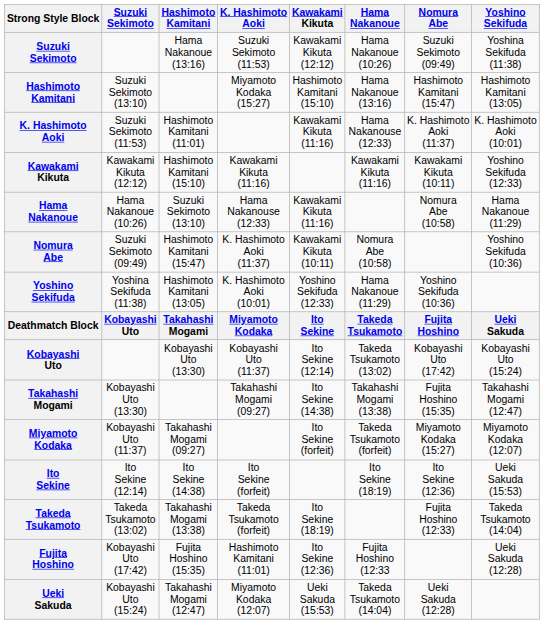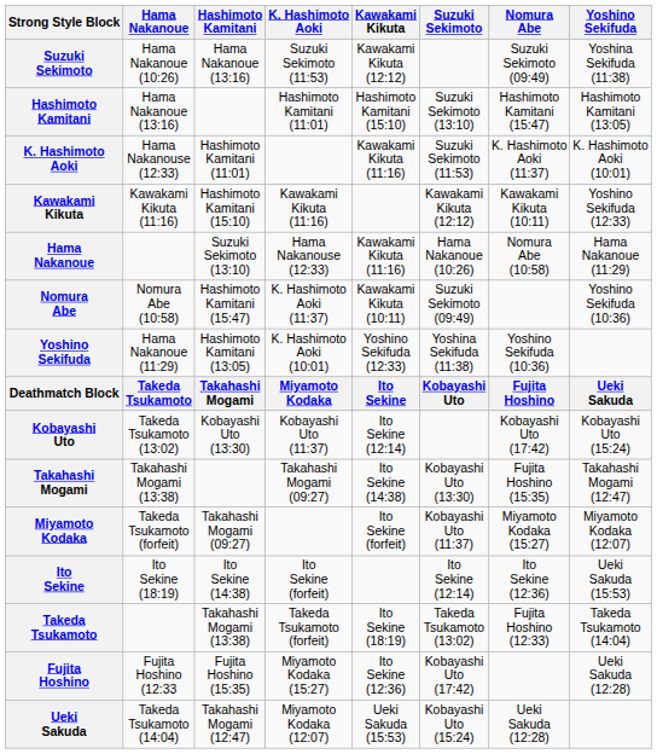 <table class="wikitable" style="margin: 1em auto 1em auto;text-align:center">
 <tr>
 <th>Strong Style Block</th>
-<th><a href='#'>Suzuki</a><br><a href='#'>Sekimoto</a></th>
+<th><a href='#'>Hama</a><br><a href='#'>Nakanoue</a></th>
 <th><a href='#'>Hashimoto</a><br><a href='#'>Kamitani</a></th>
 <th><a href='#'>K. Hashimoto</a><br><a href='#'>Aoki</a></th>
 <th><a href='#'>Kawakami</a><br>Kikuta</th>
-<th><a href='#'>Hama</a><br><a href='#'>Nakanoue</a></th>
+<th><a href='#'>Suzuki</a><br><a href='#'>Sekimoto</a></th>
 <th><a href='#'>Nomura</a><br><a href='#'>Abe</a></th>
 <th><a href='#'>Yoshino</a><br><a href='#'>Sekifuda</a></th>
 </tr>
 <tr>
 <th><a href='#'>Suzuki</a><br><a href='#'>Sekimoto</a></th>
-<td></td>
+<td>Hama<br>Nakanoue<br>(10:26)</td>
 <td>Hama<br>Nakanoue<br>(13:16)</td>
 <td>Suzuki<br>Sekimoto<br>(11:53)</td>
 <td>Kawakami<br>Kikuta<br>(12:12)</td>
-<td>Hama<br>Nakanoue<br>(10:26)</td>
+<td></td>
 <td>Suzuki<br>Sekimoto<br>(09:49)</td>
 <td>Yoshina<br>Sekifuda<br>(11:38)</td>
 </tr>
 <tr>
 <th><a href='#'>Hashimoto</a><br><a href='#'>Kamitani</a></th>
+<td>Hama<br>Nakanoue<br>(13:16)</td>
+<td></td>
+<td>Hashimoto<br>Kamitani<br>(11:01)</td>
+<td>Hashimoto<br>Kamitani<br>(15:10)</td>
 <td>Suzuki<br>Sekimoto<br>(13:10)</td>
-<td></td>
-<td>Miyamoto<br>Kodaka<br>(15:27)</td>
-<td>Hashimoto<br>Kamitani<br>(15:10)</td>
-<td>Hama<br>Nakanoue<br>(13:16)</td>
 <td>Hashimoto<br>Kamitani<br>(15:47)</td>
 <td>Hashimoto<br>Kamitani<br>(13:05)</td>
 </tr>
 <tr>
 <th><a href='#'>K. Hashimoto</a><br><a href='#'>Aoki</a></th>
-<td>Suzuki<br>Sekimoto<br>(11:53)</td>
+<td>Hama<br>Nakanouse<br>(12:33)</td>
 <td>Hashimoto<br>Kamitani<br>(11:01)</td>
 <td></td>
 <td>Kawakami<br>Kikuta<br>(11:16)</td>
-<td>Hama<br>Nakanouse<br>(12:33)</td>
+<td>Suzuki<br>Sekimoto<br>(11:53)</td>
 <td>K. Hashimoto<br>Aoki<br>(11:37)</td>
 <td>K. Hashimoto<br>Aoki<br>(10:01)</td>
 </tr>
 <tr>
 <th><a href='#'>Kawakami</a><br>Kikuta</th>
-<td>Kawakami<br>Kikuta<br>(12:12)</td>
+<td>Kawakami<br>Kikuta<br>(11:16)</td>
 <td>Hashimoto<br>Kamitani<br>(15:10)</td>
 <td>Kawakami<br>Kikuta<br>(11:16)</td>
 <td></td>
-<td>Kawakami<br>Kikuta<br>(11:16)</td>
+<td>Kawakami<br>Kikuta<br>(12:12)</td>
 <td>Kawakami<br>Kikuta<br>(10:11)</td>
 <td>Yoshino<br>Sekifuda<br>(12:33)</td>
 </tr>
 <tr>
 <th><a href='#'>Hama</a><br><a href='#'>Nakanoue</a></th>
-<td>Hama<br>Nakanoue<br>(10:26)</td>
+<td></td>
 <td>Suzuki<br>Sekimoto<br>(13:10)</td>
 <td>Hama<br>Nakanouse<br>(12:33)</td>
 <td>Kawakami<br>Kikuta<br>(11:16)</td>
-<td></td>
+<td>Hama<br>Nakanoue<br>(10:26)</td>
 <td>Nomura<br>Abe<br>(10:58)</td>
 <td>Hama<br>Nakanoue<br>(11:29)</td>
 </tr>
 <tr>
 <th><a href='#'>Nomura</a><br><a href='#'>Abe</a></th>
-<td>Suzuki<br>Sekimoto<br>(09:49)</td>
+<td>Nomura<br>Abe<br>(10:58)</td>
 <td>Hashimoto<br>Kamitani<br>(15:47)</td>
 <td>K. Hashimoto<br>Aoki<br>(11:37)</td>
 <td>Kawakami<br>Kikuta<br>(10:11)</td>
-<td>Nomura<br>Abe<br>(10:58)</td>
+<td>Suzuki<br>Sekimoto<br>(09:49)</td>
 <td></td>
 <td>Yoshino<br>Sekifuda<br>(10:36)</td>
 </tr>
 <tr>
 <th><a href='#'>Yoshino</a><br><a href='#'>Sekifuda</a></th>
-<td>Yoshina<br>Sekifuda<br>(11:38)</td>
+<td>Hama<br>Nakanoue<br>(11:29)</td>
 <td>Hashimoto<br>Kamitani<br>(13:05)</td>
 <td>K. Hashimoto<br>Aoki<br>(10:01)</td>
 <td>Yoshino<br>Sekifuda<br>(12:33)</td>
-<td>Hama<br>Nakanoue<br>(11:29)</td>
+<td>Yoshina<br>Sekifuda<br>(11:38)</td>
 <td>Yoshino<br>Sekifuda<br>(10:36)</td>
 <td></td>
 </tr>
 <tr>
 <th>Deathmatch Block</th>
-<th><a href='#'>Kobayashi</a><br>Uto</th>
+<th><a href='#'>Takeda</a><br><a href='#'>Tsukamoto</a></th>
 <th><a href='#'>Takahashi</a><br>Mogami</th>
 <th><a href='#'>Miyamoto</a><br><a href='#'>Kodaka</a></th>
 <th><a href='#'>Ito</a><br><a href='#'>Sekine</a></th>
-<th><a href='#'>Takeda</a><br><a href='#'>Tsukamoto</a></th>
+<th><a href='#'>Kobayashi</a><br>Uto</th>
 <th><a href='#'>Fujita</a><br><a href='#'>Hoshino</a></th>
 <th><a href='#'>Ueki</a><br>Sakuda</th>
 </tr>
 <tr>
 <th><a href='#'>Kobayashi</a><br>Uto</th>
-<td></td>
+<td>Takeda<br>Tsukamoto<br>(13:02)</td>
 <td>Kobayashi<br>Uto<br>(13:30)</td>
 <td>Kobayashi<br>Uto<br>(11:37)</td>
 <td>Ito<br>Sekine<br>(12:14)</td>
-<td>Takeda<br>Tsukamoto<br>(13:02)</td>
+<td></td>
 <td>Kobayashi<br>Uto<br>(17:42)</td>
 <td>Kobayashi<br>Uto<br>(15:24)</td>
 </tr>
 <tr>
 <th><a href='#'>Takahashi</a><br>Mogami</th>
-<td>Kobayashi<br>Uto<br>(13:30)</td>
+<td>Takahashi<br>Mogami<br>(13:38)</td>
 <td></td>
 <td>Takahashi<br>Mogami<br>(09:27)</td>
 <td>Ito<br>Sekine<br>(14:38)</td>
-<td>Takahashi<br>Mogami<br>(13:38)</td>
+<td>Kobayashi<br>Uto<br>(13:30)</td>
 <td>Fujita<br>Hoshino<br>(15:35)</td>
 <td>Takahashi<br>Mogami<br>(12:47)</td>
 </tr>
 <tr>
 <th><a href='#'>Miyamoto</a><br><a href='#'>Kodaka</a></th>
-<td>Kobayashi<br>Uto<br>(11:37)</td>
+<td>Takeda<br>Tsukamoto<br>(forfeit)</td>
 <td>Takahashi<br>Mogami<br>(09:27)</td>
 <td></td>
 <td>Ito<br>Sekine<br>(forfeit)</td>
-<td>Takeda<br>Tsukamoto<br>(forfeit)</td>
+<td>Kobayashi<br>Uto<br>(11:37)</td>
 <td>Miyamoto<br>Kodaka<br>(15:27)</td>
 <td>Miyamoto<br>Kodaka<br>(12:07)</td>
 </tr>
 <tr>
 <th><a href='#'>Ito</a><br><a href='#'>Sekine</a></th>
-<td>Ito<br>Sekine<br>(12:14)</td>
+<td>Ito<br>Sekine<br>(18:19)</td>
 <td>Ito<br>Sekine<br>(14:38)</td>
 <td>Ito<br>Sekine<br>(forfeit)</td>
 <td></td>
-<td>Ito<br>Sekine<br>(18:19)</td>
+<td>Ito<br>Sekine<br>(12:14)</td>
 <td>Ito<br>Sekine<br>(12:36)</td>
 <td>Ueki<br>Sakuda<br>(15:53)</td>
 </tr>
 <tr>
 <th><a href='#'>Takeda</a><br><a href='#'>Tsukamoto</a></th>
-<td>Takeda<br>Tsukamoto<br>(13:02)</td>
+<td></td>
 <td>Takahashi<br>Mogami<br>(13:38)</td>
 <td>Takeda<br>Tsukamoto<br>(forfeit)</td>
 <td>Ito<br>Sekine<br>(18:19)</td>
-<td></td>
+<td>Takeda<br>Tsukamoto<br>(13:02)</td>
 <td>Fujita<br>Hoshino<br>(12:33)</td>
 <td>Takeda<br>Tsukamoto<br>(14:04)</td>
 </tr>
 <tr>
 <th><a href='#'>Fujita</a><br><a href='#'>Hoshino</a></th>
+<td>Fujita<br>Hoshino<br>(12:33</td>
+<td>Fujita<br>Hoshino<br>(15:35)</td>
+<td>Miyamoto<br>Kodaka<br>(15:27)</td>
+<td>Ito<br>Sekine<br>(12:36)</td>
 <td>Kobayashi<br>Uto<br>(17:42)</td>
-<td>Fujita<br>Hoshino<br>(15:35)</td>
-<td>Hashimoto<br>Kamitani<br>(11:01)</td>
-<td>Ito<br>Sekine<br>(12:36)</td>
-<td>Fujita<br>Hoshino<br>(12:33</td>
 <td></td>
 <td>Ueki<br>Sakuda<br>(12:28)</td>
 </tr>
 <tr>
 <th><a href='#'>Ueki</a><br>Sakuda</th>
-<td>Kobayashi<br>Uto<br>(15:24)</td>
+<td>Takeda<br>Tsukamoto<br>(14:04)</td>
 <td>Takahashi<br>Mogami<br>(12:47)</td>
 <td>Miyamoto<br>Kodaka<br>(12:07)</td>
 <td>Ueki<br>Sakuda<br>(15:53)</td>
-<td>Takeda<br>Tsukamoto<br>(14:04)</td>
+<td>Kobayashi<br>Uto<br>(15:24)</td>
 <td>Ueki<br>Sakuda<br>(12:28)</td>
 <td></td>
 </tr>
 </table>
